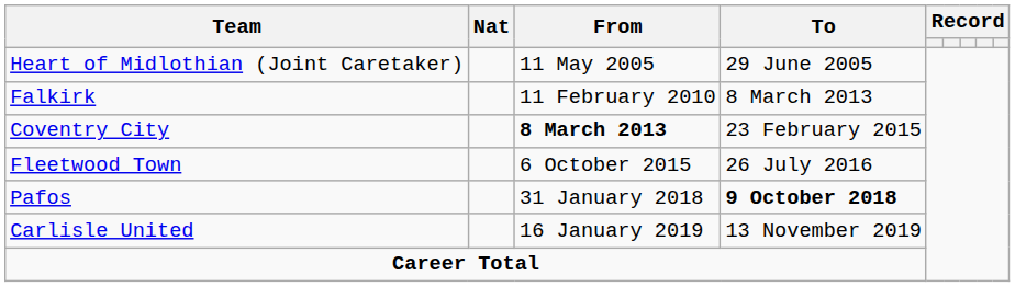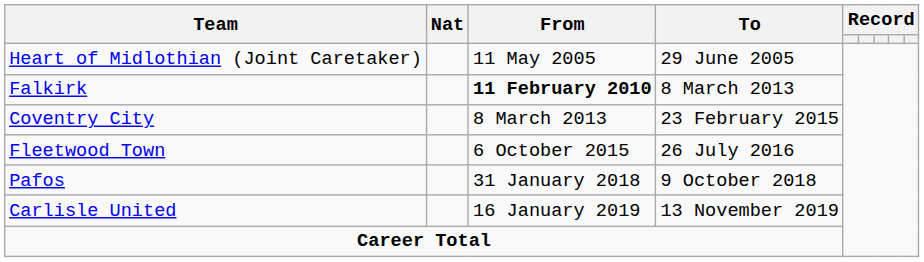 <table class="wikitable" style="text-align: center">
 <tr>
 <th rowspan="2">Team</th>
 <th rowspan="2">Nat</th>
 <th rowspan="2">From</th>
 <th rowspan="2">To</th>
 <th colspan=5>Record</th>
 </tr>
 <tr>
 <th></th>
 <th></th>
 <th></th>
 <th></th>
 <th></th>
 </tr>
 <tr>
 <td align="left"><a href='#'>Heart of Midlothian</a> (Joint Caretaker)</td>
 <td></td>
 <td align="left">11 May 2005</td>
 <td align="left">29 June 2005<br></td>
 </tr>
 <tr>
 <td align="left"><a href='#'>Falkirk</a></td>
 <td></td>
-<td align="left">11 February 2010</td>
+<td align="left"><strong>11 February 2010</strong></td>
 <td align="left">8 March 2013<br></td>
 </tr>
 <tr>
 <td align="left"><a href='#'>Coventry City</a></td>
 <td></td>
-<td align="left"><strong>8 March 2013</strong></td>
+<td align="left">8 March 2013</td>
 <td align="left">23 February 2015<br></td>
 </tr>
 <tr>
 <td align="left"><a href='#'>Fleetwood Town</a></td>
 <td></td>
 <td align="left">6 October 2015</td>
 <td align="left">26 July 2016<br></td>
 </tr>
 <tr>
 <td align="left"><a href='#'>Pafos</a></td>
 <td></td>
 <td align="left">31 January 2018</td>
-<td align="left"><strong>9 October 2018<br></strong></td>
+<td align="left">9 October 2018<br></td>
 </tr>
 <tr>
 <td align="left"><a href='#'>Carlisle United</a></td>
 <td></td>
 <td align="left">16 January 2019</td>
 <td align="left">13 November 2019<br></td>
 </tr>
 <tr>
 <td colspan=4><strong>Career Total</strong><br></td>
 </tr>
 </table>
